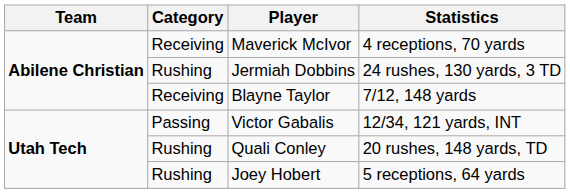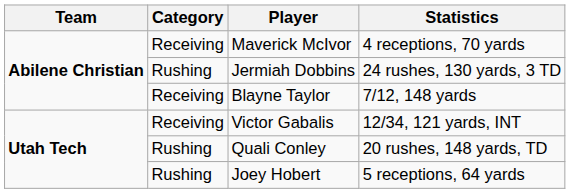 <table class="wikitable" style="float: left;">
 <tr>
 <th>Team</th>
 <th>Category</th>
 <th>Player</th>
 <th>Statistics</th>
 </tr>
 <tr>
 <td rowspan=3><strong>Abilene Christian</strong></td>
 <td>Receiving</td>
 <td>Maverick McIvor</td>
 <td>4 receptions, 70 yards</td>
 </tr>
 <tr>
 <td>Rushing</td>
 <td>Jermiah Dobbins</td>
 <td>24 rushes, 130 yards, 3 TD</td>
 </tr>
 <tr>
 <td>Receiving</td>
 <td>Blayne Taylor</td>
 <td>7/12, 148 yards</td>
 </tr>
 <tr>
 <td rowspan=3><strong>Utah Tech</strong></td>
-<td>Passing</td>
+<td>Receiving</td>
 <td>Victor Gabalis</td>
 <td>12/34, 121 yards, INT</td>
 </tr>
 <tr>
 <td>Rushing</td>
 <td>Quali Conley</td>
 <td>20 rushes, 148 yards, TD</td>
 </tr>
 <tr>
 <td>Rushing</td>
 <td>Joey Hobert</td>
 <td>5 receptions, 64 yards</td>
 </tr>
 </table>
